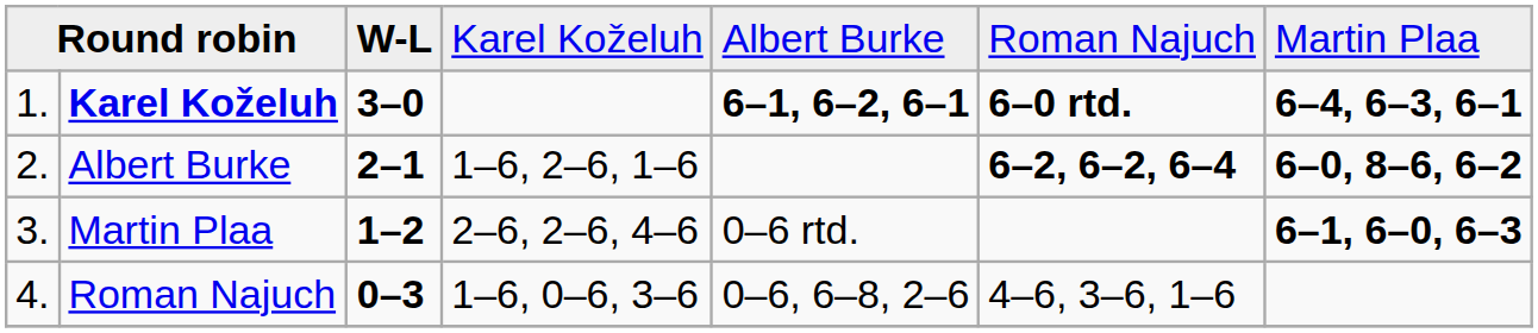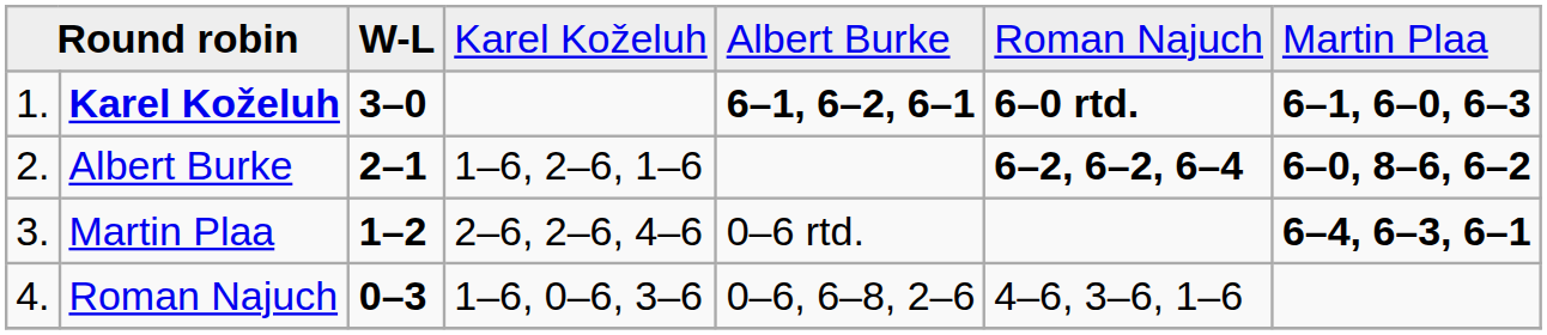 <table class="wikitable" style="font-size:90%;">
 <tr bgcolor="#eeeeee">
 <td colspan="2" align="center"><strong>Round robin</strong></td>
 <td><strong>W-L</strong></td>
 <td> <a href='#'>Karel Koželuh</a></td>
 <td> <a href='#'>Albert Burke</a></td>
 <td> <a href='#'>Roman Najuch</a></td>
 <td> <a href='#'>Martin Plaa</a></td>
 </tr>
 <tr>
 <td>1.</td>
 <td><strong> <a href='#'>Karel Koželuh</a></strong></td>
 <td><strong>3–0</strong></td>
 <td></td>
 <td><strong>6–1, 6–2, 6–1</strong></td>
 <td><strong>6–0 rtd.</strong></td>
-<td><strong>6–4, 6–3, 6–1</strong></td>
+<td><strong>6–1, 6–0, 6–3</strong></td>
 </tr>
 <tr>
 <td>2.</td>
 <td> <a href='#'>Albert Burke</a></td>
 <td><strong>2–1</strong></td>
 <td>1–6, 2–6, 1–6</td>
 <td></td>
 <td><strong>6–2, 6–2, 6–4</strong></td>
 <td><strong>6–0, 8–6, 6–2</strong></td>
 </tr>
 <tr>
 <td>3.</td>
 <td> <a href='#'>Martin Plaa</a></td>
 <td><strong>1–2</strong></td>
 <td>2–6, 2–6, 4–6</td>
 <td>0–6 rtd.</td>
 <td></td>
-<td><strong>6–1, 6–0, 6–3</strong></td>
+<td><strong>6–4, 6–3, 6–1</strong></td>
 </tr>
 <tr>
 <td>4.</td>
 <td> <a href='#'>Roman Najuch</a></td>
 <td><strong>0–3</strong></td>
 <td>1–6, 0–6, 3–6</td>
 <td>0–6, 6–8, 2–6</td>
 <td>4–6, 3–6, 1–6</td>
 <td></td>
 </tr>
 <tr>
 </tr>
 </table>
